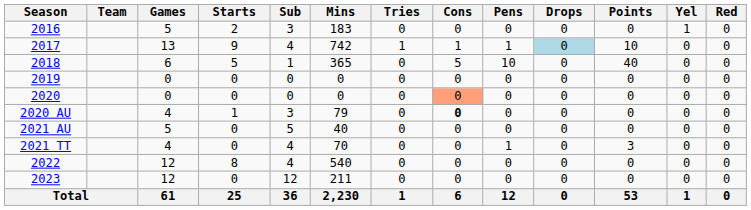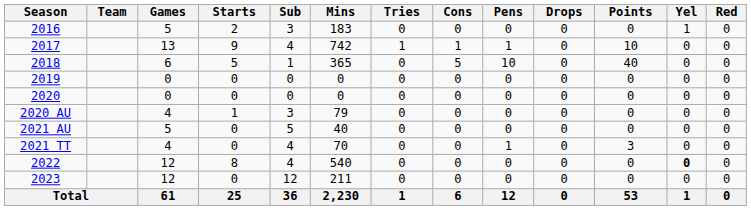 <table class="wikitable" style="text-align:center; line-height:90%; font-size:95%; width:60%;">
 <tr>
 <th>Season</th>
 <th>Team</th>
 <th>Games</th>
 <th>Starts</th>
 <th>Sub</th>
 <th>Mins</th>
 <th>Tries</th>
 <th>Cons</th>
 <th>Pens</th>
 <th>Drops</th>
 <th>Points</th>
 <th>Yel</th>
 <th>Red</th>
 </tr>
 <tr>
 <td><a href='#'>2016</a></td>
 <td></td>
 <td>5</td>
 <td>2</td>
 <td>3</td>
 <td>183</td>
 <td>0</td>
 <td>0</td>
 <td>0</td>
 <td>0</td>
 <td>0</td>
 <td>1</td>
 <td>0</td>
 </tr>
 <tr>
 <td><a href='#'>2017</a></td>
 <td></td>
 <td>13</td>
 <td>9</td>
 <td>4</td>
 <td>742</td>
 <td>1</td>
 <td>1</td>
 <td>1</td>
-<td style="background: lightblue;">0</td>
+<td>0</td>
 <td>10</td>
 <td>0</td>
 <td>0</td>
 </tr>
 <tr>
 <td><a href='#'>2018</a></td>
 <td></td>
 <td>6</td>
 <td>5</td>
 <td>1</td>
 <td>365</td>
 <td>0</td>
 <td>5</td>
 <td>10</td>
 <td>0</td>
 <td>40</td>
 <td>0</td>
 <td>0</td>
 </tr>
 <tr>
 <td><a href='#'>2019</a></td>
 <td></td>
 <td>0</td>
 <td>0</td>
 <td>0</td>
 <td>0</td>
 <td>0</td>
 <td>0</td>
 <td>0</td>
 <td>0</td>
 <td>0</td>
 <td>0</td>
 <td>0</td>
 </tr>
 <tr>
 <td><a href='#'>2020</a></td>
 <td></td>
 <td>0</td>
 <td>0</td>
 <td>0</td>
 <td>0</td>
 <td>0</td>
-<td style="background: lightsalmon;">0</td>
+<td>0</td>
 <td>0</td>
 <td>0</td>
 <td>0</td>
 <td>0</td>
 <td>0</td>
 </tr>
 <tr>
 <td><a href='#'>2020 AU</a></td>
 <td></td>
 <td>4</td>
 <td>1</td>
 <td>3</td>
 <td>79</td>
 <td>0</td>
-<td><strong>0</strong></td>
+<td>0</td>
 <td>0</td>
 <td>0</td>
 <td>0</td>
 <td>0</td>
 <td>0</td>
 </tr>
 <tr>
 <td><a href='#'>2021 AU</a></td>
 <td></td>
 <td>5</td>
 <td>0</td>
 <td>5</td>
 <td>40</td>
 <td>0</td>
 <td>0</td>
 <td>0</td>
 <td>0</td>
 <td>0</td>
 <td>0</td>
 <td>0</td>
 </tr>
 <tr>
 <td><a href='#'>2021 TT</a></td>
 <td></td>
 <td>4</td>
 <td>0</td>
 <td>4</td>
 <td>70</td>
 <td>0</td>
 <td>0</td>
 <td>1</td>
 <td>0</td>
 <td>3</td>
 <td>0</td>
 <td>0</td>
 </tr>
 <tr>
 <td><a href='#'>2022</a></td>
 <td></td>
 <td>12</td>
 <td>8</td>
 <td>4</td>
 <td>540</td>
 <td>0</td>
 <td>0</td>
 <td>0</td>
 <td>0</td>
 <td>0</td>
-<td>0</td>
+<td><strong>0</strong></td>
 <td>0</td>
 </tr>
 <tr>
 <td><a href='#'>2023</a></td>
 <td></td>
 <td>12</td>
 <td>0</td>
 <td>12</td>
 <td>211</td>
 <td>0</td>
 <td>0</td>
 <td>0</td>
 <td>0</td>
 <td>0</td>
 <td>0</td>
 <td>0</td>
 </tr>
 <tr>
 <th colspan="2">Total</th>
 <th>61</th>
 <th>25</th>
 <th>36</th>
 <th>2,230</th>
 <th>1</th>
 <th>6</th>
 <th>12</th>
 <th>0</th>
 <th>53</th>
 <th>1</th>
 <th>0</th>
 </tr>
 </table>
